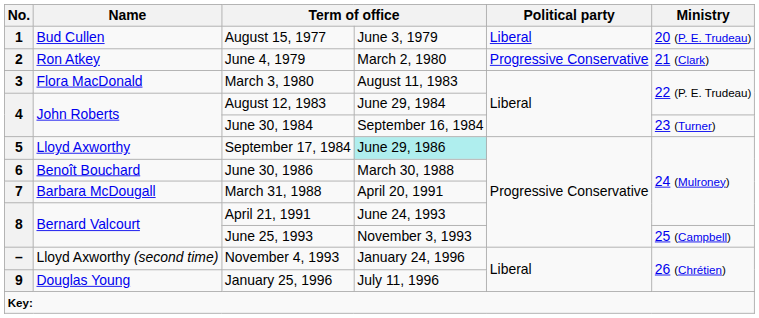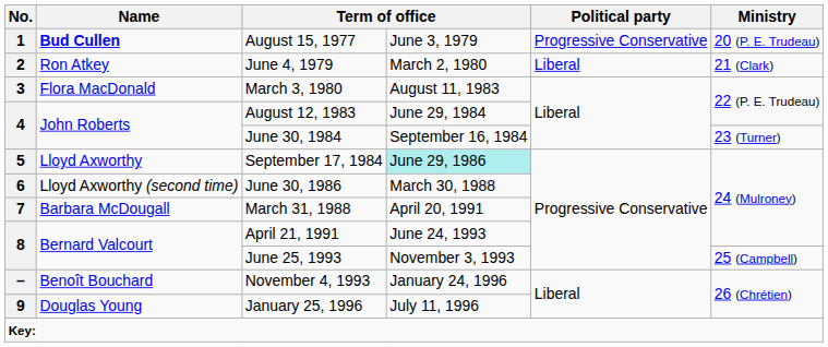 <table class="wikitable">
 <tr>
 <th>No.</th>
 <th>Name</th>
 <th colspan="2">Term of office</th>
 <th>Political party</th>
 <th>Ministry</th>
 </tr>
 <tr>
 <th scope="row" style="background:">1</th>
-<td><a href='#'>Bud Cullen</a></td>
+<td><strong><a href='#'>Bud Cullen</a></strong></td>
 <td>August 15, 1977</td>
 <td>June 3, 1979</td>
-<td><a href='#'>Liberal</a></td>
+<td><a href='#'>Progressive Conservative</a></td>
 <td><a href='#'>20</a> <small>(<a href='#'>P. E. Trudeau</a>)</small></td>
 </tr>
 <tr>
 <th scope="row" style="background:">2</th>
 <td><a href='#'>Ron Atkey</a></td>
 <td>June 4, 1979</td>
 <td>March 2, 1980</td>
-<td><a href='#'>Progressive Conservative</a></td>
+<td><a href='#'>Liberal</a></td>
 <td><a href='#'>21</a> <small>(<a href='#'>Clark</a>)</small></td>
 </tr>
 <tr>
 <th scope="row" style="background:">3</th>
 <td><a href='#'>Flora MacDonald</a></td>
 <td>March 3, 1980</td>
 <td>August 11, 1983</td>
 <td rowspan="3">Liberal</td>
 <td rowspan="2"><a href='#'>22</a> <small>(P. E. Trudeau)</small></td>
 </tr>
 <tr>
 <th rowspan="2" scope="row" style="background:">4</th>
 <td rowspan="2"><a href='#'>John Roberts</a></td>
 <td>August 12, 1983</td>
 <td>June 29, 1984</td>
 </tr>
 <tr>
 <td>June 30, 1984</td>
 <td>September 16, 1984</td>
 <td><a href='#'>23</a> <small>(<a href='#'>Turner</a>)</small></td>
 </tr>
 <tr>
 <th scope="row" style="background:">5</th>
 <td><a href='#'>Lloyd Axworthy</a></td>
 <td>September 17, 1984</td>
 <td style="background: paleturquoise;">June 29, 1986</td>
 <td rowspan="5">Progressive Conservative</td>
 <td rowspan="4"><a href='#'>24</a> <small>(<a href='#'>Mulroney</a>)</small></td>
 </tr>
 <tr>
 <th scope="row" style="background:">6</th>
-<td><a href='#'>Benoît Bouchard</a></td>
+<td>Lloyd Axworthy <em>(second time)</em></td>
 <td>June 30, 1986</td>
 <td>March 30, 1988</td>
 </tr>
 <tr>
 <th scope="row" style="background:">7</th>
 <td><a href='#'>Barbara McDougall</a></td>
 <td>March 31, 1988</td>
 <td>April 20, 1991</td>
 </tr>
 <tr>
 <th rowspan="2" scope="row" style="background:">8</th>
 <td rowspan="2"><a href='#'>Bernard Valcourt</a></td>
 <td>April 21, 1991</td>
 <td>June 24, 1993</td>
 </tr>
 <tr>
 <td>June 25, 1993</td>
 <td>November 3, 1993</td>
 <td><a href='#'>25</a> <small>(<a href='#'>Campbell</a>)</small></td>
 </tr>
 <tr>
 <th scope="row" style="background:">–</th>
-<td>Lloyd Axworthy <em>(second time)</em></td>
+<td><a href='#'>Benoît Bouchard</a></td>
 <td>November 4, 1993</td>
 <td>January 24, 1996</td>
 <td rowspan="2">Liberal</td>
 <td rowspan="2"><a href='#'>26</a> <small>(<a href='#'>Chrétien</a>)</small></td>
 </tr>
 <tr>
 <th scope="row" style="background:">9</th>
 <td><a href='#'>Douglas Young</a></td>
 <td>January 25, 1996</td>
 <td>July 11, 1996</td>
 </tr>
 <tr>
 <td colspan="6"><small><strong>Key:</strong></small></td>
 </tr>
 </table>
